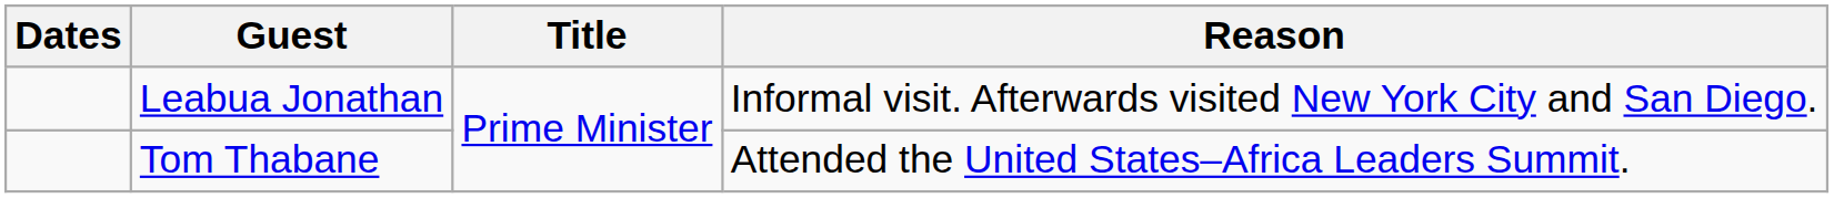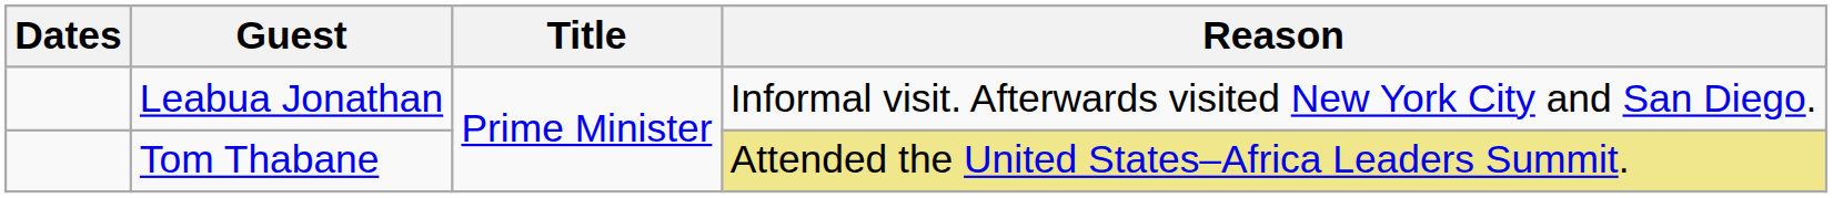 <table class="wikitable sortable">
 <tr>
 <th>Dates</th>
 <th>Guest</th>
 <th>Title</th>
 <th>Reason</th>
 </tr>
 <tr>
 <td></td>
 <td><a href='#'>Leabua Jonathan</a></td>
 <td rowspan=2><a href='#'>Prime Minister</a></td>
 <td>Informal visit. Afterwards visited <a href='#'>New York City</a> and <a href='#'>San Diego</a>.</td>
 </tr>
 <tr>
 <td></td>
 <td><a href='#'>Tom Thabane</a></td>
-<td>Attended the <a href='#'>United States–Africa Leaders Summit</a>.</td>
+<td style="background: khaki;">Attended the <a href='#'>United States–Africa Leaders Summit</a>.</td>
 </tr>
 </table>
